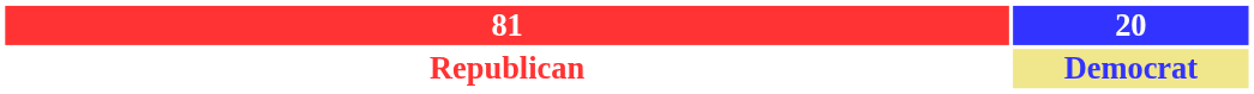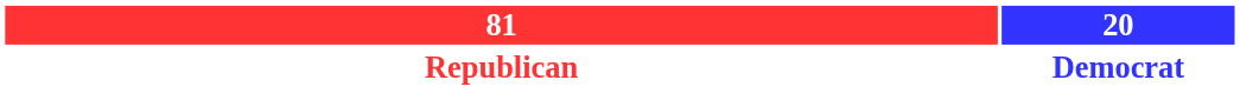 <table style="width:50%">
 <tr>
 <td scope="row" colspan="3" style="text-align:center"></td>
 </tr>
 <tr>
 <td scope="row" style="background:#F33; width:81%; text-align:center; color:white"><strong>81</strong></td>
 <td style="background:#33F; width:19%; text-align:center; color:white"><strong>20</strong></td>
 </tr>
 <tr>
 <td scope="row" style="text-align:center; color:#F33"><strong>Republican</strong></td>
-<td style="background: khaki; text-align:center; color:#33F"><strong>Democrat</strong></td>
+<td style="text-align:center; color:#33F"><strong>Democrat</strong></td>
 </tr>
 </table>
